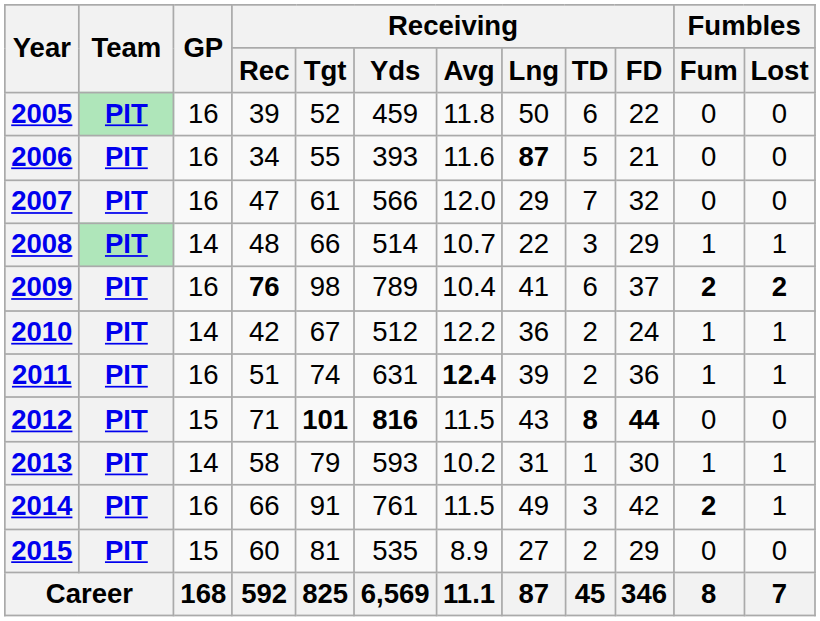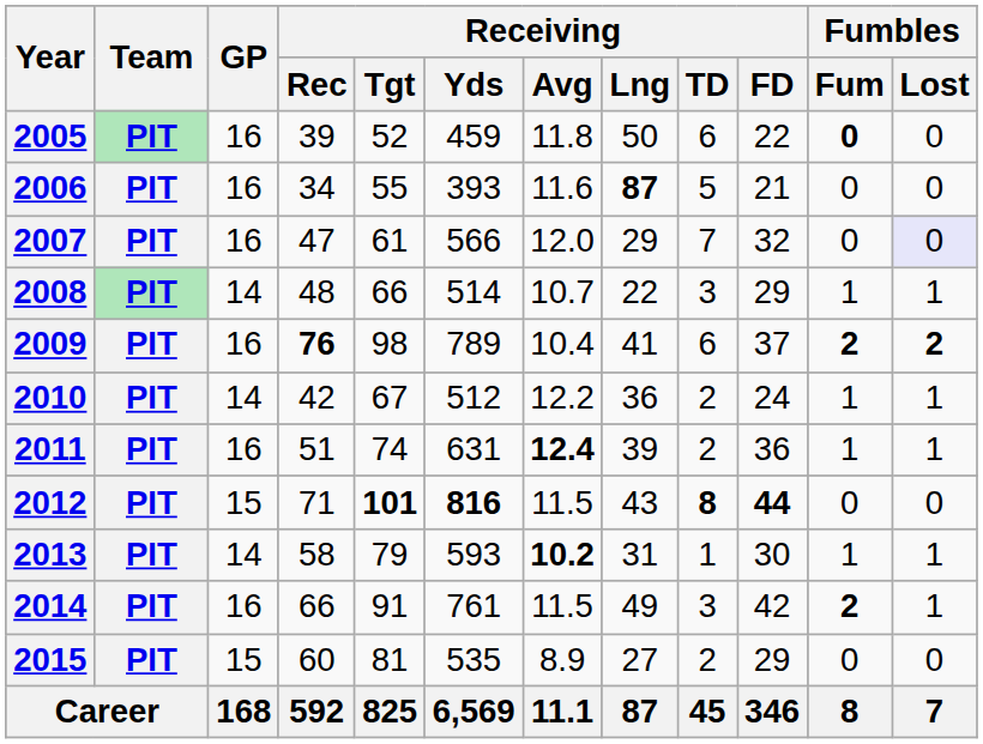 <table class= "wikitable" style="text-align:center;">
 <tr>
 <th rowspan="2">Year</th>
 <th rowspan="2">Team</th>
 <th rowspan="2">GP</th>
 <th colspan="7">Receiving</th>
 <th colspan="2">Fumbles</th>
 </tr>
 <tr>
 <th>Rec</th>
 <th>Tgt</th>
 <th>Yds</th>
 <th>Avg</th>
 <th>Lng</th>
 <th>TD</th>
 <th>FD</th>
 <th>Fum</th>
 <th>Lost</th>
 </tr>
 <tr>
 <th><a href='#'>2005</a></th>
 <th style="background:#afe6ba; width:3em;"><a href='#'>PIT</a></th>
 <td>16</td>
 <td>39</td>
 <td>52</td>
 <td>459</td>
 <td>11.8</td>
 <td>50</td>
 <td>6</td>
 <td>22</td>
-<td>0</td>
+<td><strong>0</strong></td>
 <td>0</td>
 </tr>
 <tr>
 <th><a href='#'>2006</a></th>
 <th><a href='#'>PIT</a></th>
 <td>16</td>
 <td>34</td>
 <td>55</td>
 <td>393</td>
 <td>11.6</td>
 <td><strong>87</strong></td>
 <td>5</td>
 <td>21</td>
 <td>0</td>
 <td>0</td>
 </tr>
 <tr>
 <th><a href='#'>2007</a></th>
 <th><a href='#'>PIT</a></th>
 <td>16</td>
 <td>47</td>
 <td>61</td>
 <td>566</td>
 <td>12.0</td>
 <td>29</td>
 <td>7</td>
 <td>32</td>
 <td>0</td>
-<td>0</td>
+<td style="background: lavender;">0</td>
 </tr>
 <tr>
 <th><a href='#'>2008</a></th>
 <th style="background:#afe6ba; width:3em;"><a href='#'>PIT</a></th>
 <td>14</td>
 <td>48</td>
 <td>66</td>
 <td>514</td>
 <td>10.7</td>
 <td>22</td>
 <td>3</td>
 <td>29</td>
 <td>1</td>
 <td>1</td>
 </tr>
 <tr>
 <th><a href='#'>2009</a></th>
 <th><a href='#'>PIT</a></th>
 <td>16</td>
 <td><strong>76</strong></td>
 <td>98</td>
 <td>789</td>
 <td>10.4</td>
 <td>41</td>
 <td>6</td>
 <td>37</td>
 <td><strong>2</strong></td>
 <td><strong>2</strong></td>
 </tr>
 <tr>
 <th><a href='#'>2010</a></th>
 <th><a href='#'>PIT</a></th>
 <td>14</td>
 <td>42</td>
 <td>67</td>
 <td>512</td>
 <td>12.2</td>
 <td>36</td>
 <td>2</td>
 <td>24</td>
 <td>1</td>
 <td>1</td>
 </tr>
 <tr>
 <th><a href='#'>2011</a></th>
 <th><a href='#'>PIT</a></th>
 <td>16</td>
 <td>51</td>
 <td>74</td>
 <td>631</td>
 <td><strong>12.4</strong></td>
 <td>39</td>
 <td>2</td>
 <td>36</td>
 <td>1</td>
 <td>1</td>
 </tr>
 <tr>
 <th><a href='#'>2012</a></th>
 <th><a href='#'>PIT</a></th>
 <td>15</td>
 <td>71</td>
 <td><strong>101</strong></td>
 <td><strong>816</strong></td>
 <td>11.5</td>
 <td>43</td>
 <td><strong>8</strong></td>
 <td><strong>44</strong></td>
 <td>0</td>
 <td>0</td>
 </tr>
 <tr>
 <th><a href='#'>2013</a></th>
 <th><a href='#'>PIT</a></th>
 <td>14</td>
 <td>58</td>
 <td>79</td>
 <td>593</td>
-<td>10.2</td>
+<td><strong>10.2</strong></td>
 <td>31</td>
 <td>1</td>
 <td>30</td>
 <td>1</td>
 <td>1</td>
 </tr>
 <tr>
 <th><a href='#'>2014</a></th>
 <th><a href='#'>PIT</a></th>
 <td>16</td>
 <td>66</td>
 <td>91</td>
 <td>761</td>
 <td>11.5</td>
 <td>49</td>
 <td>3</td>
 <td>42</td>
 <td><strong>2</strong></td>
 <td>1</td>
 </tr>
 <tr>
 <th><a href='#'>2015</a></th>
 <th><a href='#'>PIT</a></th>
 <td>15</td>
 <td>60</td>
 <td>81</td>
 <td>535</td>
 <td>8.9</td>
 <td>27</td>
 <td>2</td>
 <td>29</td>
 <td>0</td>
 <td>0</td>
 </tr>
 <tr>
 <th colspan="2">Career</th>
 <th>168</th>
 <th>592</th>
 <th>825</th>
 <th>6,569</th>
 <th>11.1</th>
 <th>87</th>
 <th>45</th>
 <th>346</th>
 <th>8</th>
 <th>7</th>
 </tr>
 </table>
